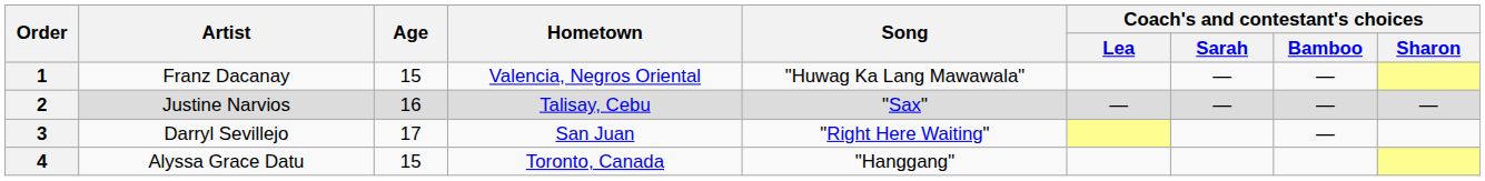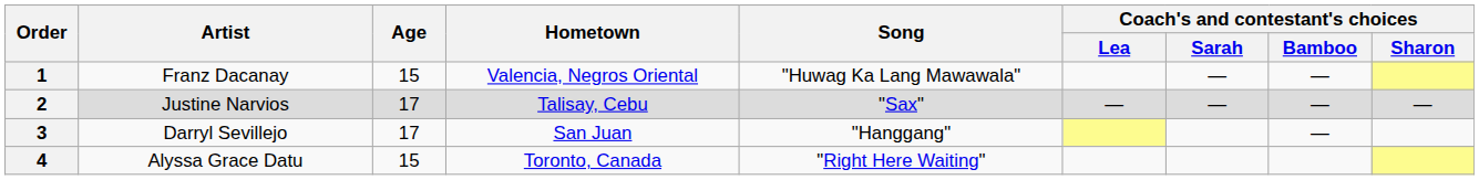 <table class="wikitable" style="text-align:center; line-height:17px;width:100%;">
 <tr>
 <th scope="col" rowspan="2" width="05%">Order</th>
 <th scope="col" rowspan="2" width="20%">Artist</th>
 <th scope="col" rowspan="2" width="05%">Age</th>
 <th scope="col" rowspan="2" width="20%">Hometown</th>
 <th scope="col" rowspan="2" width="22%">Song</th>
 <th scope="col" colspan="4" width="28%">Coach's and contestant's choices</th>
 </tr>
 <tr>
 <th width="07%"><a href='#'>Lea</a></th>
 <th width="07%"><a href='#'>Sarah</a></th>
 <th width="07%"><a href='#'>Bamboo</a></th>
 <th width="07%"><a href='#'>Sharon</a></th>
 </tr>
 <tr>
 <th>1</th>
 <td>Franz Dacanay</td>
 <td>15</td>
 <td><a href='#'>Valencia, Negros Oriental</a></td>
 <td>"Huwag Ka Lang Mawawala"</td>
 <td><strong></strong></td>
 <td>—</td>
 <td>—</td>
 <td style="background:#fdfc8f;"><strong></strong></td>
 </tr>
 <tr>
 <th>2</th>
 <td style="background:#DCDCDC;">Justine Narvios</td>
-<td style="background:#DCDCDC;">16</td>
+<td style="background:#DCDCDC;">17</td>
 <td style="background:#DCDCDC;"><a href='#'>Talisay, Cebu</a></td>
 <td style="background:#DCDCDC;">"<a href='#'>Sax</a>"</td>
 <td style="background:#DCDCDC;">—</td>
 <td style="background:#DCDCDC;">—</td>
 <td style="background:#DCDCDC;">—</td>
 <td style="background:#DCDCDC;">—</td>
 </tr>
 <tr>
 <th>3</th>
 <td>Darryl Sevillejo</td>
 <td>17</td>
 <td><a href='#'>San Juan</a></td>
-<td>"<a href='#'>Right Here Waiting</a>"</td>
+<td>"Hanggang"</td>
 <td style="background:#fdfc8f;"><strong></strong></td>
 <td><strong></strong></td>
 <td>—</td>
 <td><strong></strong></td>
 </tr>
 <tr>
 <th>4</th>
 <td>Alyssa Grace Datu</td>
 <td>15</td>
 <td><a href='#'>Toronto, Canada</a></td>
-<td>"Hanggang"</td>
+<td>"<a href='#'>Right Here Waiting</a>"</td>
 <td><strong></strong></td>
 <td><strong></strong></td>
 <td><strong></strong></td>
 <td style="background:#fdfc8f;"><strong></strong></td>
 </tr>
 </table>
